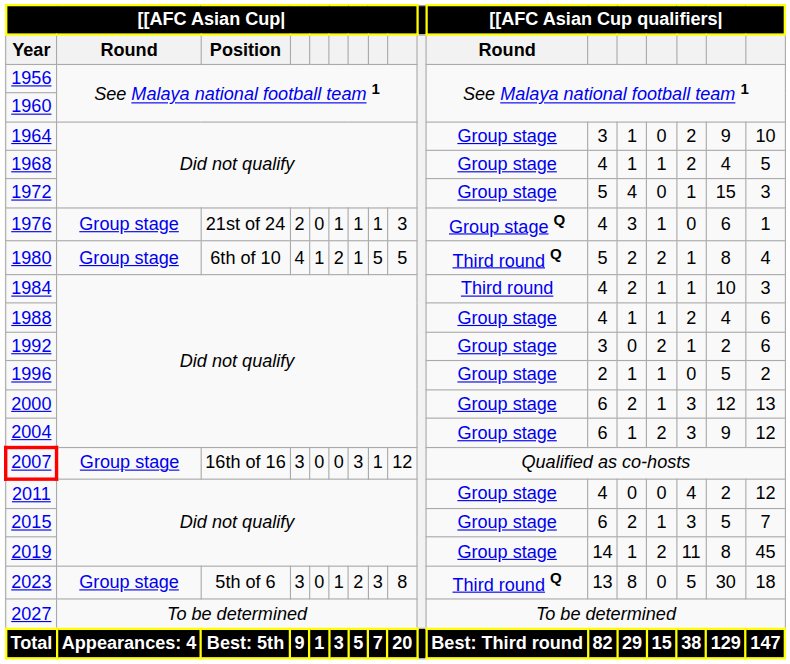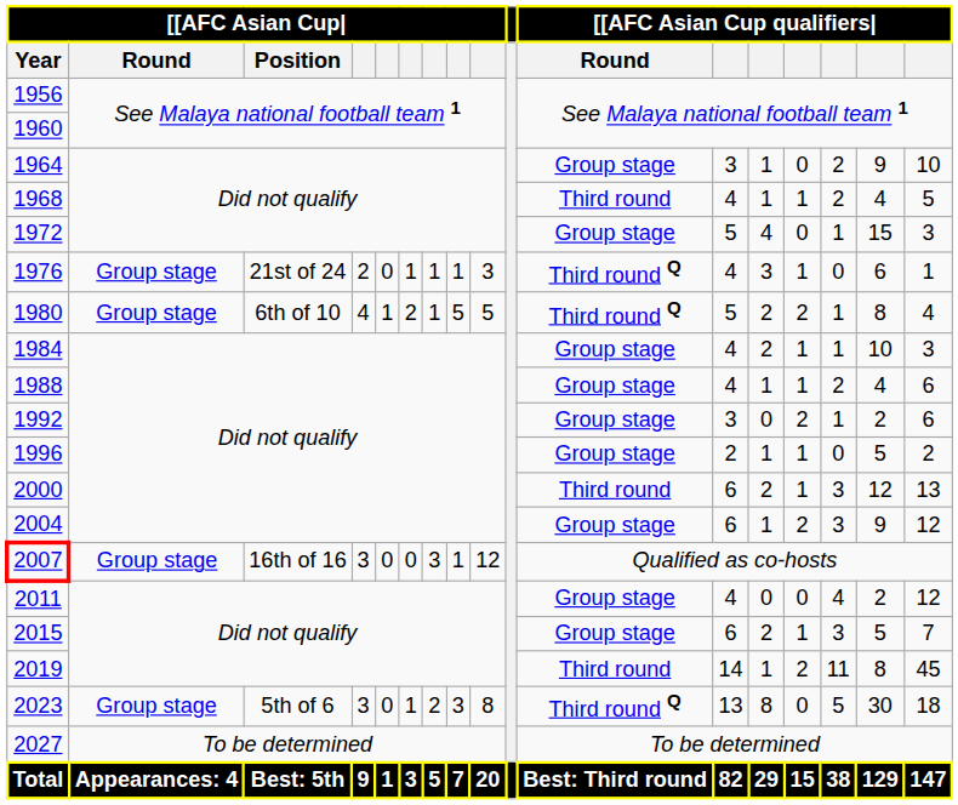 <table class="wikitable" style="text-align: center;font-size:100%;">
 <tr>
 <th colspan=9 style="background: #000000; color: #FFFFFF; border:2px solid #FFFF00;">[[AFC Asian Cup|</th>
 <th style="background: #000000; color: #FFFFFF;"></th>
 <th colspan=7 style="background: #000000; color: #FFFFFF; border:2px solid #FFFF00;">[[AFC Asian Cup qualifiers|</th>
 </tr>
 <tr>
 <th>Year</th>
 <th>Round</th>
 <th>Position</th>
 <th></th>
 <th></th>
 <th></th>
 <th></th>
 <th></th>
 <th></th>
 <th rowspan="20"></th>
 <th>Round</th>
 <th></th>
 <th></th>
 <th></th>
 <th></th>
 <th></th>
 <th></th>
 </tr>
 <tr>
 <td> <a href='#'>1956</a></td>
 <td rowspan="2" colspan="8"><em>See <a href='#'>Malaya national football team</a></em> <strong><sup>1</sup></strong></td>
 <td rowspan="2" colspan="8"><em>See <a href='#'>Malaya national football team</a></em> <strong><sup>1</sup></strong></td>
 </tr>
 <tr>
 <td> <a href='#'>1960</a></td>
 </tr>
 <tr>
 <td> <a href='#'>1964</a></td>
 <td rowspan="3" colspan="8"><em>Did not qualify</em></td>
 <td><a href='#'>Group stage</a></td>
 <td>3</td>
 <td>1</td>
 <td>0</td>
 <td>2</td>
 <td>9</td>
 <td>10</td>
 </tr>
 <tr>
 <td> <a href='#'>1968</a></td>
-<td><a href='#'>Group stage</a></td>
+<td><a href='#'>Third round</a></td>
 <td>4</td>
 <td>1</td>
 <td>1</td>
 <td>2</td>
 <td>4</td>
 <td>5</td>
 </tr>
 <tr>
 <td> <a href='#'>1972</a></td>
 <td><a href='#'>Group stage</a></td>
 <td>5</td>
 <td>4</td>
 <td>0</td>
 <td>1</td>
 <td>15</td>
 <td>3</td>
 </tr>
 <tr>
 <td> <a href='#'>1976</a></td>
 <td><a href='#'>Group stage</a></td>
 <td>21st of 24</td>
 <td>2</td>
 <td>0</td>
 <td>1</td>
 <td>1</td>
 <td>1</td>
 <td>3</td>
-<td><a href='#'>Group stage</a> <strong><sup>Q</sup></strong></td>
+<td><a href='#'>Third round</a> <strong><sup>Q</sup></strong></td>
 <td>4</td>
 <td>3</td>
 <td>1</td>
 <td>0</td>
 <td>6</td>
 <td>1</td>
 </tr>
 <tr>
 <td> <a href='#'>1980</a></td>
 <td><a href='#'>Group stage</a></td>
 <td>6th of 10</td>
 <td>4</td>
 <td>1</td>
 <td>2</td>
 <td>1</td>
 <td>5</td>
 <td>5</td>
 <td><a href='#'>Third round</a> <strong><sup>Q</sup></strong></td>
 <td>5</td>
 <td>2</td>
 <td>2</td>
 <td>1</td>
 <td>8</td>
 <td>4</td>
 </tr>
 <tr>
 <td> <a href='#'>1984</a></td>
 <td rowspan="6" colspan="8"><em>Did not qualify</em></td>
-<td><a href='#'>Third round</a></td>
+<td><a href='#'>Group stage</a></td>
 <td>4</td>
 <td>2</td>
 <td>1</td>
 <td>1</td>
 <td>10</td>
 <td>3</td>
 </tr>
 <tr>
 <td> <a href='#'>1988</a></td>
 <td><a href='#'>Group stage</a></td>
 <td>4</td>
 <td>1</td>
 <td>1</td>
 <td>2</td>
 <td>4</td>
 <td>6</td>
 </tr>
 <tr>
 <td> <a href='#'>1992</a></td>
 <td><a href='#'>Group stage</a></td>
 <td>3</td>
 <td>0</td>
 <td>2</td>
 <td>1</td>
 <td>2</td>
 <td>6</td>
 </tr>
 <tr>
 <td> <a href='#'>1996</a></td>
 <td><a href='#'>Group stage</a></td>
 <td>2</td>
 <td>1</td>
 <td>1</td>
 <td>0</td>
 <td>5</td>
 <td>2</td>
 </tr>
 <tr>
 <td> <a href='#'>2000</a></td>
-<td><a href='#'>Group stage</a></td>
+<td><a href='#'>Third round</a></td>
 <td>6</td>
 <td>2</td>
 <td>1</td>
 <td>3</td>
 <td>12</td>
 <td>13</td>
 </tr>
 <tr>
 <td> <a href='#'>2004</a></td>
 <td><a href='#'>Group stage</a></td>
 <td>6</td>
 <td>1</td>
 <td>2</td>
 <td>3</td>
 <td>9</td>
 <td>12</td>
 </tr>
 <tr>
 <td style="border: 3px solid red">    <a href='#'>2007</a></td>
 <td><a href='#'>Group stage</a></td>
 <td>16th of 16</td>
 <td>3</td>
 <td>0</td>
 <td>0</td>
 <td>3</td>
 <td>1</td>
 <td>12</td>
 <td colspan=7><em>Qualified as co-hosts</em></td>
 </tr>
 <tr>
 <td> <a href='#'>2011</a></td>
 <td rowspan="3" colspan="8"><em>Did not qualify</em></td>
 <td><a href='#'>Group stage</a></td>
 <td>4</td>
 <td>0</td>
 <td>0</td>
 <td>4</td>
 <td>2</td>
 <td>12</td>
 </tr>
 <tr>
 <td> <a href='#'>2015</a></td>
 <td><a href='#'>Group stage</a></td>
 <td>6</td>
 <td>2</td>
 <td>1</td>
 <td>3</td>
 <td>5</td>
 <td>7</td>
 </tr>
 <tr>
 <td> <a href='#'>2019</a></td>
-<td><a href='#'>Group stage</a></td>
+<td><a href='#'>Third round</a></td>
 <td>14</td>
 <td>1</td>
 <td>2</td>
 <td>11</td>
 <td>8</td>
 <td>45</td>
 </tr>
 <tr>
 <td> <a href='#'>2023</a></td>
 <td><a href='#'>Group stage</a></td>
 <td>5th of 6</td>
 <td>3</td>
 <td>0</td>
 <td>1</td>
 <td>2</td>
 <td>3</td>
 <td>8</td>
 <td><a href='#'>Third round</a> <strong><sup>Q</sup></strong></td>
 <td>13</td>
 <td>8</td>
 <td>0</td>
 <td>5</td>
 <td>30</td>
 <td>18</td>
 </tr>
 <tr>
 <td> <a href='#'>2027</a></td>
 <td colspan="8"><em>To be determined</em></td>
 <td colspan=7><em>To be determined</em></td>
 </tr>
 <tr>
 <td style="background: #000000; color: #FFFFFF; border:2px solid #FFFF00;"><strong>Total</strong></td>
 <td style="background: #000000; color: #FFFFFF; border:2px solid #FFFF00;"><strong>Appearances: 4</strong></td>
 <td style="background: #000000; color: #FFFFFF; border:2px solid #FFFF00;"><strong>Best: 5th</strong></td>
 <td style="background: #000000; color: #FFFFFF; border:2px solid #FFFF00;"><strong>9</strong></td>
 <td style="background: #000000; color: #FFFFFF; border:2px solid #FFFF00;"><strong>1</strong></td>
 <td style="background: #000000; color: #FFFFFF; border:2px solid #FFFF00;"><strong>3</strong></td>
 <td style="background: #000000; color: #FFFFFF; border:2px solid #FFFF00;"><strong>5</strong></td>
 <td style="background: #000000; color: #FFFFFF; border:2px solid #FFFF00;"><strong>7</strong></td>
 <td style="background: #000000; color: #FFFFFF; border:2px solid #FFFF00;"><strong>20</strong></td>
 <td style="background: #000000; color: #FFFFFF;"></td>
 <td style="background: #000000; color: #FFFFFF; border:2px solid #FFFF00;"><strong>Best: Third round</strong></td>
 <td style="background: #000000; color: #FFFFFF; border:2px solid #FFFF00;"><strong>82</strong></td>
 <td style="background: #000000; color: #FFFFFF; border:2px solid #FFFF00;"><strong>29</strong></td>
 <td style="background: #000000; color: #FFFFFF; border:2px solid #FFFF00;"><strong>15</strong></td>
 <td style="background: #000000; color: #FFFFFF; border:2px solid #FFFF00;"><strong>38</strong></td>
 <td style="background: #000000; color: #FFFFFF; border:2px solid #FFFF00;"><strong>129</strong></td>
 <td style="background: #000000; color: #FFFFFF; border:2px solid #FFFF00;"><strong>147</strong></td>
 </tr>
 </table>
